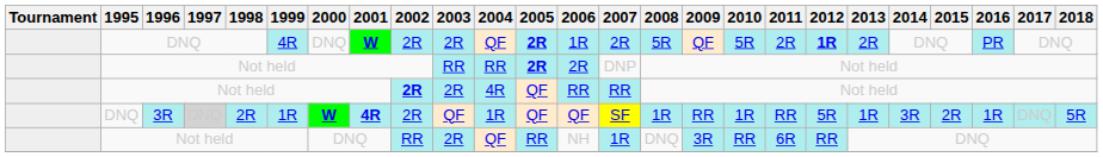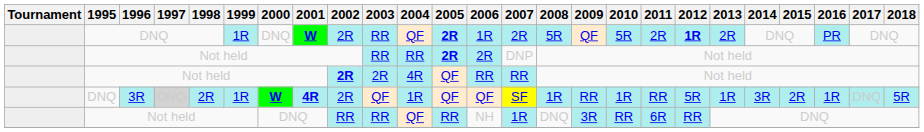 <table class="wikitable" style="width:60%; margin:0">
 <tr>
 <th>Tournament</th>
 <th>1995</th>
 <th>1996</th>
 <th>1997</th>
 <th>1998</th>
 <th>1999</th>
 <th>2000</th>
 <th>2001</th>
 <th>2002</th>
 <th>2003</th>
 <th>2004</th>
 <th>2005</th>
 <th>2006</th>
 <th>2007</th>
 <th>2008</th>
 <th>2009</th>
 <th>2010</th>
 <th>2011</th>
 <th>2012</th>
 <th>2013</th>
 <th>2014</th>
 <th>2015</th>
 <th>2016</th>
 <th>2017</th>
 <th>2018</th>
 </tr>
 <tr>
 <td style="background:#efefef;"></td>
 <td colspan="4" style="text-align:center; color:#ccc;">DNQ</td>
-<td style="text-align:center; background:#afeeee;"><a href='#'>4R</a></td>
+<td style="text-align:center; background:#afeeee;"><a href='#'>1R</a></td>
 <td style="text-align:center; color:#ccc;">DNQ</td>
 <td style="text-align:center; background:lime;"><strong><a href='#'>W</a></strong></td>
 <td style="text-align:center; background:#afeeee;"><a href='#'>2R</a></td>
-<td style="text-align:center; background:#afeeee;"><a href='#'>2R</a></td>
+<td style="text-align:center; background:#afeeee;"><a href='#'>RR</a></td>
 <td style="text-align:center; background:#ffebcd;"><a href='#'>QF</a></td>
 <td style="text-align:center; background:#afeeee;"><strong><a href='#'>2R</a></strong></td>
 <td style="text-align:center; background:#afeeee;"><a href='#'>1R</a></td>
 <td style="text-align:center; background:#afeeee;"><a href='#'>2R</a></td>
 <td style="text-align:center; background:#afeeee;"><a href='#'>5R</a></td>
 <td style="text-align:center; background:#ffebcd;"><a href='#'>QF</a></td>
 <td style="text-align:center; background:#afeeee;"><a href='#'>5R</a></td>
 <td style="text-align:center; background:#afeeee;"><a href='#'>2R</a></td>
 <td style="text-align:center; background:#afeeee;"><strong><a href='#'>1R</a></strong></td>
 <td style="text-align:center; background:#afeeee;"><a href='#'>2R</a></td>
 <td colspan="2" style="text-align:center; color:#ccc;">DNQ</td>
 <td style="text-align:center; background:#afeeee;"><a href='#'>PR</a></td>
 <td colspan="2" style="text-align:center; color:#ccc;">DNQ</td>
 </tr>
 <tr>
 <td style="background:#efefef;"></td>
 <td colspan="8" style="text-align:center; color:#ccc;">Not held</td>
 <td style="text-align:center; background:#afeeee;"><a href='#'>RR</a></td>
 <td style="text-align:center; background:#afeeee;"><a href='#'>RR</a></td>
 <td style="text-align:center; background:#afeeee;"><strong><a href='#'>2R</a></strong></td>
 <td style="text-align:center; background:#afeeee;"><a href='#'>2R</a></td>
 <td style="text-align:center; color:#ccc;">DNP</td>
 <td colspan="11" style="text-align:center; color:#ccc;">Not held</td>
 </tr>
 <tr>
 <td style="background:#efefef;"></td>
 <td colspan="7" style="text-align:center; color:#ccc;">Not held</td>
 <td style="text-align:center; background:#afeeee;"><strong><a href='#'>2R</a></strong></td>
 <td style="text-align:center; background:#afeeee;"><a href='#'>2R</a></td>
 <td style="text-align:center; background:#afeeee;"><a href='#'>4R</a></td>
 <td style="text-align:center; background:#ffebcd;"><a href='#'>QF</a></td>
 <td style="text-align:center; background:#afeeee;"><a href='#'>RR</a></td>
 <td style="text-align:center; background:#afeeee;"><a href='#'>RR</a></td>
 <td colspan="11" style="text-align:center; color:#ccc;">Not held</td>
 </tr>
 <tr>
 <td style="background:#efefef;"></td>
 <td style="text-align:center; color:#ccc;">DNQ</td>
 <td style="text-align:center; background:#afeeee;"><a href='#'>3R</a></td>
 <td style="background: lightgrey; text-align:center; color:#ccc;">DNQ</td>
 <td style="text-align:center; background:#afeeee;"><a href='#'>2R</a></td>
 <td style="text-align:center; background:#afeeee;"><a href='#'>1R</a></td>
 <td style="text-align:center; background:lime;"><strong><a href='#'>W</a></strong></td>
 <td style="text-align:center; background:#afeeee;"><strong><a href='#'>4R</a></strong></td>
 <td style="text-align:center; background:#afeeee;"><a href='#'>2R</a></td>
 <td style="text-align:center; background:#ffebcd;"><a href='#'>QF</a></td>
 <td style="text-align:center; background:#afeeee;"><a href='#'>1R</a></td>
 <td style="text-align:center; background:#ffebcd;"><a href='#'>QF</a></td>
 <td style="text-align:center; background:#ffebcd;"><a href='#'>QF</a></td>
 <td style="text-align:center; background:yellow;"><a href='#'>SF</a></td>
 <td style="text-align:center; background:#afeeee;"><a href='#'>1R</a></td>
 <td style="text-align:center; background:#afeeee;"><a href='#'>RR</a></td>
 <td style="text-align:center; background:#afeeee;"><a href='#'>1R</a></td>
 <td style="text-align:center; background:#afeeee;"><a href='#'>RR</a></td>
 <td style="text-align:center; background:#afeeee;"><a href='#'>5R</a></td>
 <td style="text-align:center; background:#afeeee;"><a href='#'>1R</a></td>
 <td style="text-align:center; background:#afeeee;"><a href='#'>3R</a></td>
 <td style="text-align:center; background:#afeeee;"><a href='#'>2R</a></td>
 <td style="text-align:center; background:#afeeee;"><a href='#'>1R</a></td>
 <td style="background: paleturquoise; text-align:center; color:#ccc;">DNQ</td>
 <td style="text-align:center; background:#afeeee;"><a href='#'>5R</a></td>
 </tr>
 <tr>
 <td style="background:#efefef;"></td>
 <td colspan="5" style="text-align:center; color:#ccc;">Not held</td>
 <td colspan="2" style="text-align:center; color:#ccc;">DNQ</td>
 <td style="text-align:center; background:#afeeee;"><a href='#'>RR</a></td>
-<td style="text-align:center; background:#afeeee;"><a href='#'>2R</a></td>
+<td style="text-align:center; background:#afeeee;"><a href='#'>RR</a></td>
 <td style="text-align:center; background:#ffebcd;"><a href='#'>QF</a></td>
 <td style="text-align:center; background:#afeeee;"><a href='#'>RR</a></td>
 <td style="text-align:center; color:#ccc;">NH</td>
 <td style="text-align:center; background:#afeeee;"><a href='#'>1R</a></td>
 <td style="text-align:center; color:#ccc;">DNQ</td>
 <td style="text-align:center; background:#afeeee;"><a href='#'>3R</a></td>
 <td style="text-align:center; background:#afeeee;"><a href='#'>RR</a></td>
 <td style="text-align:center; background:#afeeee;"><a href='#'>6R</a></td>
 <td style="text-align:center; background:#afeeee;"><a href='#'>RR</a></td>
 <td colspan="6" style="text-align:center; color:#ccc;">DNQ</td>
 </tr>
 <tr>
 </tr>
 </table>
